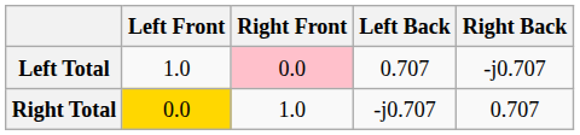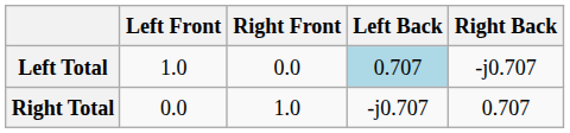 <table class="wikitable" style="text-align:center">
 <tr>
 <th></th>
 <th><small>Left Front</small></th>
 <th><small>Right Front</small></th>
 <th><small>Left Back</small></th>
 <th><small>Right Back</small></th>
 </tr>
 <tr>
 <th><small>Left Total</small></th>
 <td><small>1.0</small></td>
-<td style="background: pink;"><small>0.0</small></td>
-<td><small>0.707</small></td>
+<td><small>0.0</small></td>
+<td style="background: lightblue;"><small>0.707</small></td>
 <td><small>-j0.707</small></td>
 </tr>
 <tr>
 <th><small>Right  Total</small></th>
-<td style="background: gold;"><small>0.0</small></td>
+<td><small>0.0</small></td>
 <td><small>1.0</small></td>
 <td><small>-j0.707</small></td>
 <td><small>0.707</small></td>
 </tr>
 </table>
